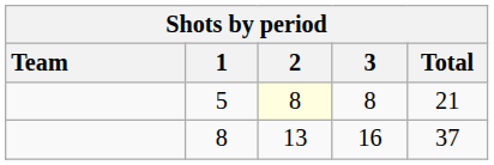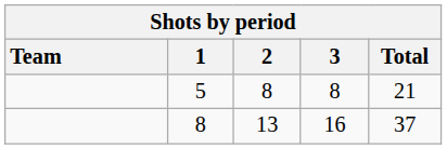 <table class="wikitable" style="width:20em; text-align:right;">
 <tr>
 <th colspan=5>Shots by period</th>
 </tr>
 <tr>
 <th style="width:8em; text-align:left;">Team</th>
 <th style="width:3em;">1</th>
 <th style="width:3em;">2</th>
 <th style="width:3em;">3</th>
 <th style="width:3em;">Total</th>
 </tr>
 <tr style="text-align:center;">
 <td style="text-align:left;"></td>
 <td>5</td>
-<td style="background: lightyellow;">8</td>
+<td>8</td>
 <td>8</td>
 <td>21</td>
 </tr>
 <tr style="text-align:center;">
 <td style="text-align:left;"></td>
 <td>8</td>
 <td>13</td>
 <td>16</td>
 <td>37</td>
 </tr>
 </table>
